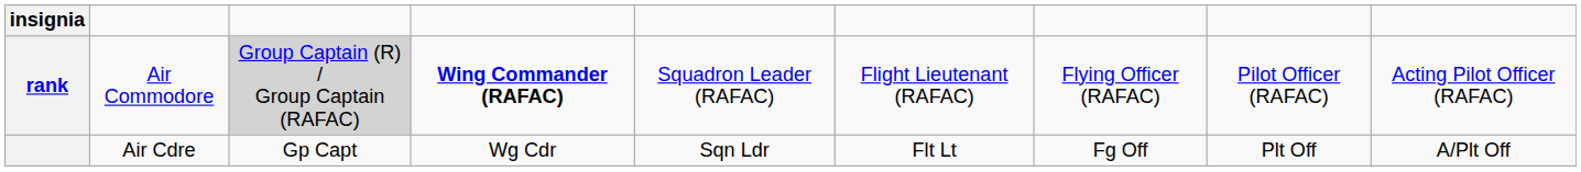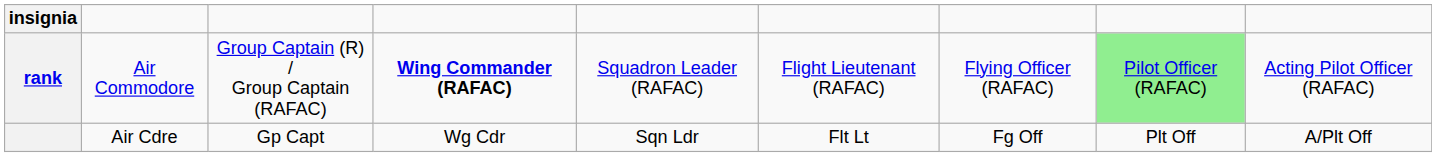 <table class=wikitable style="margin:1em auto; align:center">
 <tr align=center>
 <th>insignia</th>
 <td></td>
 <td></td>
 <td></td>
 <td></td>
 <td></td>
 <td></td>
 <td></td>
 <td></td>
 </tr>
 <tr align=center>
 <th><a href='#'>rank</a></th>
 <td><a href='#'>Air Commodore</a></td>
-<td style="background: lightgrey;"><a href='#'>Group Captain</a> (R) /<br>Group Captain (RAFAC)</td>
+<td><a href='#'>Group Captain</a> (R) /<br>Group Captain (RAFAC)</td>
 <td><strong><a href='#'>Wing Commander</a> (RAFAC)</strong></td>
 <td><a href='#'>Squadron Leader</a> (RAFAC)</td>
 <td><a href='#'>Flight Lieutenant</a> (RAFAC)</td>
 <td><a href='#'>Flying Officer</a> (RAFAC)</td>
-<td><a href='#'>Pilot Officer</a> (RAFAC)</td>
+<td style="background: lightgreen;"><a href='#'>Pilot Officer</a> (RAFAC)</td>
 <td><a href='#'>Acting Pilot Officer</a> (RAFAC)</td>
 </tr>
 <tr align=center>
 <th></th>
 <td>Air Cdre</td>
 <td>Gp Capt</td>
 <td>Wg Cdr</td>
 <td>Sqn Ldr</td>
 <td>Flt Lt</td>
 <td>Fg Off</td>
 <td>Plt Off</td>
 <td>A/Plt Off</td>
 </tr>
 </table>
